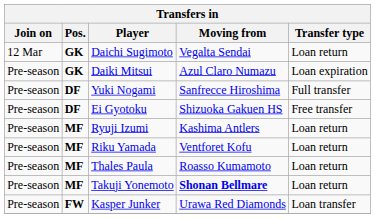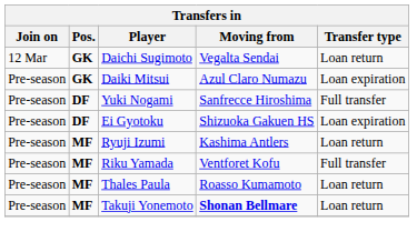 <table class="wikitable sortable" style=“text-align:left;>
 <tr>
 <th colspan="5">Transfers in</th>
 </tr>
 <tr>
 <th>Join on</th>
 <th>Pos.</th>
 <th>Player</th>
 <th>Moving from</th>
 <th>Transfer type</th>
 </tr>
 <tr>
 <td>12 Mar</td>
 <td><strong>GK</strong></td>
 <td> <a href='#'>Daichi Sugimoto</a></td>
 <td> <a href='#'>Vegalta Sendai</a></td>
 <td>Loan return</td>
 </tr>
 <tr>
 <td>Pre-season</td>
 <td><strong>GK</strong></td>
 <td> <a href='#'>Daiki Mitsui</a></td>
 <td> <a href='#'>Azul Claro Numazu</a></td>
 <td>Loan expiration</td>
 </tr>
 <tr>
 <td>Pre-season</td>
 <td><strong>DF</strong></td>
 <td> <a href='#'>Yuki Nogami</a></td>
 <td> <a href='#'>Sanfrecce Hiroshima</a></td>
 <td>Full transfer</td>
 </tr>
 <tr>
 <td>Pre-season</td>
 <td><strong>DF</strong></td>
 <td> <a href='#'>Ei Gyotoku</a></td>
 <td> <a href='#'>Shizuoka Gakuen HS</a></td>
-<td>Free transfer</td>
+<td>Loan expiration</td>
 </tr>
 <tr>
 <td>Pre-season</td>
 <td><strong>MF</strong></td>
 <td> <a href='#'>Ryuji Izumi</a></td>
 <td> <a href='#'>Kashima Antlers</a></td>
 <td>Loan return</td>
 </tr>
 <tr>
 <td>Pre-season</td>
 <td><strong>MF</strong></td>
 <td> <a href='#'>Riku Yamada</a></td>
 <td> <a href='#'>Ventforet Kofu</a></td>
-<td>Loan return</td>
+<td>Full transfer</td>
 </tr>
 <tr>
 <td>Pre-season</td>
 <td><strong>MF</strong></td>
 <td> <a href='#'>Thales Paula</a></td>
 <td> <a href='#'>Roasso Kumamoto</a></td>
 <td>Loan return</td>
 </tr>
 <tr>
 <td>Pre-season</td>
 <td><strong>MF</strong></td>
 <td> <a href='#'>Takuji Yonemoto</a></td>
 <td><strong> <a href='#'>Shonan Bellmare</a></strong></td>
 <td>Loan return</td>
 </tr>
 <tr>
-<td>Pre-season</td>
-<td><strong>FW</strong></td>
-<td> <a href='#'>Kasper Junker</a></td>
-<td> <a href='#'>Urawa Red Diamonds</a></td>
-<td>Loan transfer</td>
-</tr>
-<tr>
 </tr>
 </table>
